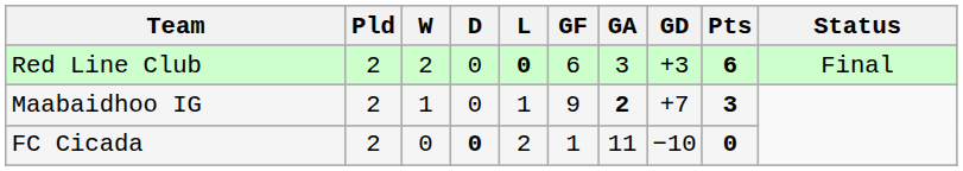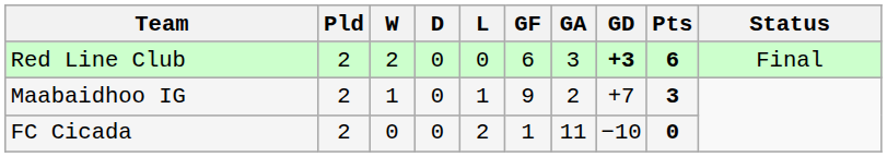 <table class="wikitable" style="text-align:center;">
 <tr>
 <th width=175>Team</th>
 <th width=20 abbr="Played">Pld</th>
 <th width=20 abbr="Won">W</th>
 <th width=20 abbr="Drawn">D</th>
 <th width=20 abbr="Lost">L</th>
 <th width=20 abbr="Goals for">GF</th>
 <th width=20 abbr="Goals against">GA</th>
 <th width=20 abbr="Goal difference">GD</th>
 <th width=20 abbr="Points">Pts</th>
 <th width=100 abbr="Status">Status</th>
 </tr>
 <tr bgcolor=#ccffcc>
 <td align=left>Red Line Club</td>
 <td>2</td>
 <td>2</td>
 <td>0</td>
-<td><strong>0</strong></td>
+<td>0</td>
 <td>6</td>
 <td>3</td>
-<td>+3</td>
+<td><strong>+3</strong></td>
 <td><strong>6</strong></td>
 <td>Final</td>
 </tr>
 <tr bgcolor=#f5f5f5>
 <td align=left>Maabaidhoo IG</td>
 <td>2</td>
 <td>1</td>
 <td>0</td>
 <td>1</td>
 <td>9</td>
-<td><strong>2</strong></td>
+<td>2</td>
 <td>+7</td>
 <td><strong>3</strong></td>
 </tr>
 <tr bgcolor=#f5f5f5>
 <td align=left>FC Cicada</td>
 <td>2</td>
 <td>0</td>
-<td><strong>0</strong></td>
+<td>0</td>
 <td>2</td>
 <td>1</td>
 <td>11</td>
 <td>−10</td>
 <td><strong>0</strong></td>
 </tr>
 </table>
